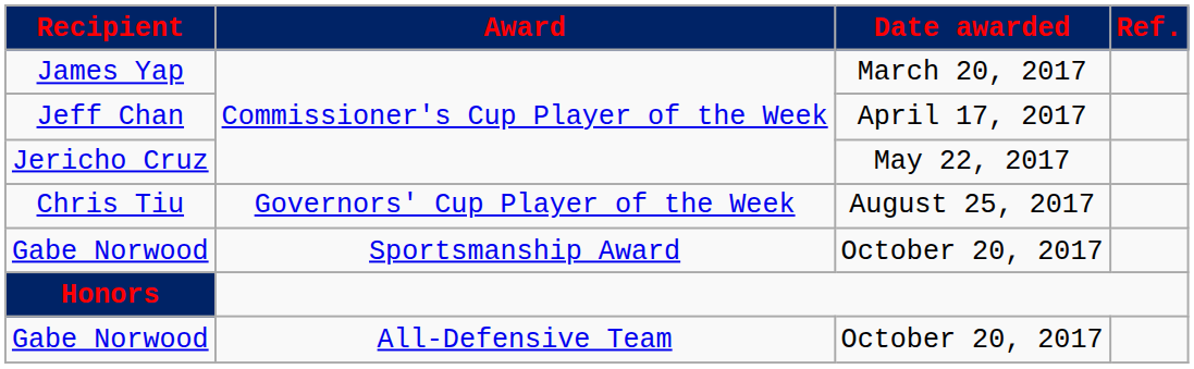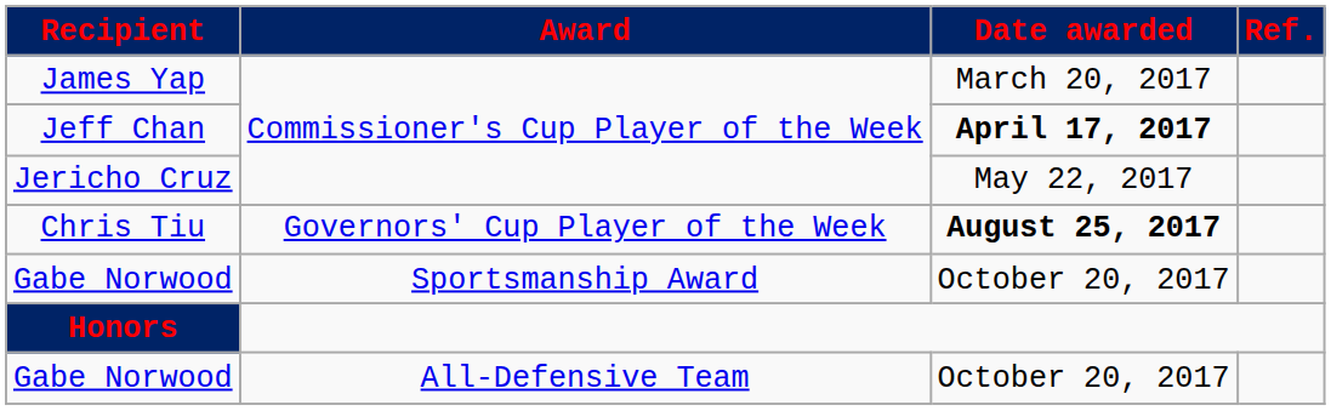 <table class="wikitable sortable sortable" style="text-align: center">
 <tr>
 <th style="background:#002366; color:#FE0003; ">Recipient</th>
 <th style="background:#002366; color:#FE0003; ">Award</th>
 <th style="background:#002366; color:#FE0003; ">Date awarded</th>
 <th style="background:#002366; color:#FE0003; ">Ref.</th>
 </tr>
 <tr>
 <td><a href='#'>James Yap</a></td>
 <td rowspan=3><a href='#'>Commissioner's Cup Player of the Week</a></td>
 <td>March 20, 2017</td>
 <td></td>
 </tr>
 <tr>
 <td><a href='#'>Jeff Chan</a></td>
-<td>April 17, 2017</td>
+<td><strong>April 17, 2017</strong></td>
 <td></td>
 </tr>
 <tr>
 <td><a href='#'>Jericho Cruz</a></td>
 <td>May 22, 2017</td>
 <td></td>
 </tr>
 <tr>
 <td><a href='#'>Chris Tiu</a></td>
 <td><a href='#'>Governors' Cup Player of the Week</a></td>
-<td>August 25, 2017</td>
+<td><strong>August 25, 2017</strong></td>
 <td></td>
 </tr>
 <tr>
 <td><a href='#'>Gabe Norwood</a></td>
 <td><a href='#'>Sportsmanship Award</a></td>
 <td>October 20, 2017</td>
 <td></td>
 </tr>
 <tr>
 <th style="background:#002366; color:#FE0003; ">Honors</th>
 </tr>
 <tr>
 <td><a href='#'>Gabe Norwood</a></td>
 <td><a href='#'>All-Defensive Team</a></td>
 <td>October 20, 2017</td>
 <td></td>
 </tr>
 </table>
